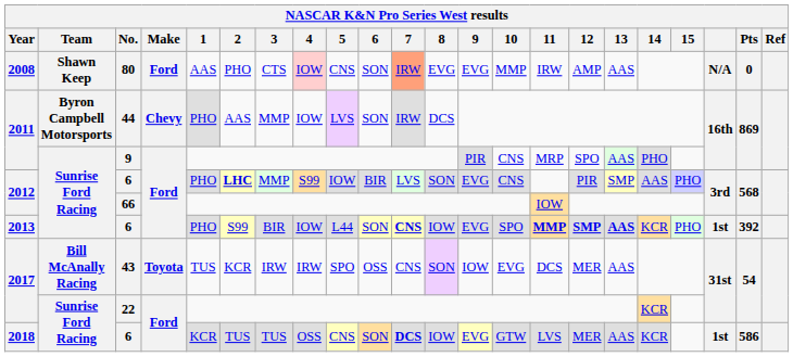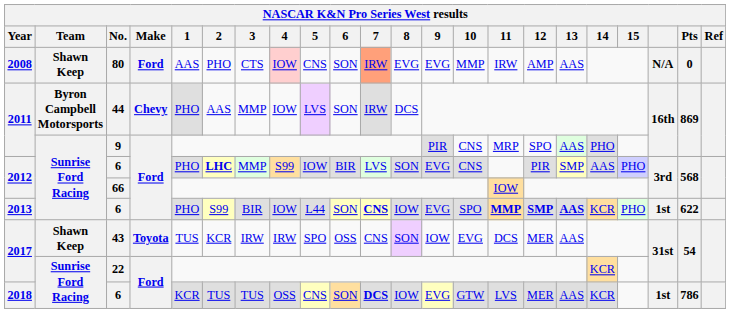 <table class="wikitable" style="text-align:center; font-size:75%">
 <tr>
 <th colspan="22"><a href='#'>NASCAR K&N Pro Series West</a> results</th>
 </tr>
 <tr>
 <th>Year</th>
 <th>Team</th>
 <th>No.</th>
 <th>Make</th>
 <th>1</th>
 <th>2</th>
 <th>3</th>
 <th>4</th>
 <th>5</th>
 <th>6</th>
 <th>7</th>
 <th>8</th>
 <th>9</th>
 <th>10</th>
 <th>11</th>
 <th>12</th>
 <th>13</th>
 <th>14</th>
 <th>15</th>
 <th></th>
 <th>Pts</th>
 <th>Ref</th>
 </tr>
 <tr>
 <th><a href='#'>2008</a></th>
 <th>Shawn Keep</th>
 <th>80</th>
 <th><a href='#'>Ford</a></th>
 <td><a href='#'>AAS</a></td>
 <td><a href='#'>PHO</a></td>
 <td><a href='#'>CTS</a></td>
 <td style="background-color:#FFCFCF"><a href='#'>IOW</a><br></td>
 <td><a href='#'>CNS</a></td>
 <td><a href='#'>SON</a></td>
 <td style="background: lightsalmon;"><a href='#'>IRW</a></td>
 <td><a href='#'>EVG</a></td>
 <td><a href='#'>EVG</a></td>
 <td><a href='#'>MMP</a></td>
 <td><a href='#'>IRW</a></td>
 <td><a href='#'>AMP</a></td>
 <td><a href='#'>AAS</a></td>
 <td colspan="2"></td>
 <th>N/A</th>
 <th>0</th>
 <th></th>
 </tr>
 <tr>
 <th rowspan=2><a href='#'>2011</a></th>
 <th>Byron Campbell Motorsports</th>
 <th>44</th>
 <th><a href='#'>Chevy</a></th>
 <td style="background-color:#DFDFDF"><a href='#'>PHO</a><br></td>
 <td><a href='#'>AAS</a></td>
 <td><a href='#'>MMP</a></td>
 <td><a href='#'>IOW</a></td>
 <td style="background-color:#EFCFFF"><a href='#'>LVS</a><br></td>
 <td><a href='#'>SON</a></td>
 <td style="background-color:#DFDFDF"><a href='#'>IRW</a><br></td>
 <td><a href='#'>DCS</a></td>
 <td colspan=7></td>
 <th rowspan=2>16th</th>
 <th rowspan=2>869</th>
 <th rowspan=2></th>
 </tr>
 <tr>
 <th rowspan=4><a href='#'>Sunrise Ford Racing</a></th>
 <th>9</th>
 <th rowspan=4><a href='#'>Ford</a></th>
 <td colspan=8></td>
 <td style="background-color:#DFDFDF"><a href='#'>PIR</a><br></td>
 <td><a href='#'>CNS</a></td>
 <td><a href='#'>MRP</a></td>
 <td><a href='#'>SPO</a></td>
 <td style="background-color:#DFFFDF"><a href='#'>AAS</a><br></td>
 <td style="background-color:#DFDFDF"><a href='#'>PHO</a><br></td>
 <td></td>
 </tr>
 <tr>
 <th rowspan=2><a href='#'>2012</a></th>
 <th>6</th>
 <td style="background-color:#DFDFDF"><a href='#'>PHO</a><br></td>
 <td style="background-color:#FFFFBF"><strong><a href='#'>LHC</a></strong><br></td>
 <td style="background-color:#DFFFDF"><a href='#'>MMP</a><br></td>
 <td style="background-color:#FFDF9F"><a href='#'>S99</a><br></td>
 <td style="background-color:#DFDFDF"><a href='#'>IOW</a><br></td>
 <td style="background-color:#DFDFDF"><a href='#'>BIR</a><br></td>
 <td style="background-color:#DFFFDF"><a href='#'>LVS</a><br></td>
 <td style="background-color:#DFDFDF"><a href='#'>SON</a><br></td>
 <td style="background-color:#DFDFDF"><a href='#'>EVG</a><br></td>
 <td style="background-color:#DFDFDF"><a href='#'>CNS</a><br></td>
 <td></td>
 <td style="background-color:#DFDFDF"><a href='#'>PIR</a><br></td>
 <td style="background-color:#FFFFBF"><a href='#'>SMP</a><br></td>
 <td style="background-color:#DFDFDF"><a href='#'>AAS</a><br></td>
 <td style="background-color:#CFCFFF"><a href='#'>PHO</a><br></td>
 <th rowspan=2>3rd</th>
 <th rowspan=2>568</th>
 <th rowspan=2></th>
 </tr>
 <tr>
 <th>66</th>
 <td colspan=10></td>
 <td style="background-color:#FFDF9F"><a href='#'>IOW</a><br></td>
 <td colspan=4></td>
 </tr>
 <tr>
 <th><a href='#'>2013</a></th>
 <th>6</th>
 <td style="background-color:#DFDFDF"><a href='#'>PHO</a><br></td>
 <td style="background-color:#FFFFBF"><a href='#'>S99</a><br></td>
 <td style="background-color:#DFDFDF"><a href='#'>BIR</a><br></td>
 <td style="background-color:#DFDFDF"><a href='#'>IOW</a><br></td>
 <td style="background-color:#DFDFDF"><a href='#'>L44</a><br></td>
 <td style="background-color:#FFFFBF"><a href='#'>SON</a><br></td>
 <td style="background-color:#FFFFBF"><strong><a href='#'>CNS</a></strong><br></td>
 <td style="background-color:#DFDFDF"><a href='#'>IOW</a><br></td>
 <td style="background-color:#DFDFDF"><a href='#'>EVG</a><br></td>
 <td style="background-color:#DFDFDF"><a href='#'>SPO</a><br></td>
 <td style="background-color:#FFDF9F"><strong><a href='#'>MMP</a></strong><br></td>
 <td style="background-color:#DFDFDF"><strong><a href='#'>SMP</a></strong><br></td>
 <td style="background-color:#DFDFDF"><strong><a href='#'>AAS</a></strong><br></td>
 <td style="background-color:#FFDF9F"><a href='#'>KCR</a><br></td>
 <td style="background-color:#DFFFDF"><a href='#'>PHO</a><br></td>
 <th>1st</th>
-<th>392</th>
+<th>622</th>
 <th></th>
 </tr>
 <tr>
 <th rowspan=2><a href='#'>2017</a></th>
-<th><a href='#'>Bill McAnally Racing</a></th>
+<th>Shawn Keep</th>
 <th>43</th>
 <th><a href='#'>Toyota</a></th>
 <td><a href='#'>TUS</a></td>
 <td><a href='#'>KCR</a></td>
 <td><a href='#'>IRW</a></td>
 <td><a href='#'>IRW</a></td>
 <td><a href='#'>SPO</a></td>
 <td><a href='#'>OSS</a></td>
 <td><a href='#'>CNS</a></td>
 <td style="background-color:#EFCFFF"><a href='#'>SON</a><br></td>
 <td><a href='#'>IOW</a></td>
 <td><a href='#'>EVG</a></td>
 <td><a href='#'>DCS</a></td>
 <td><a href='#'>MER</a></td>
 <td><a href='#'>AAS</a></td>
 <td colspan=2></td>
 <th rowspan=2>31st</th>
 <th rowspan=2>54</th>
 <th rowspan=2></th>
 </tr>
 <tr>
 <th rowspan=2><a href='#'>Sunrise Ford Racing</a></th>
 <th>22</th>
 <th rowspan=2><a href='#'>Ford</a></th>
 <td colspan=13></td>
 <td style="background-color:#FFDF9F"><a href='#'>KCR</a><br></td>
 <td></td>
 </tr>
 <tr>
 <th><a href='#'>2018</a></th>
 <th>6</th>
 <td style="background-color:#DFDFDF"><a href='#'>KCR</a><br></td>
 <td style="background-color:#DFDFDF"><a href='#'>TUS</a><br></td>
 <td style="background-color:#DFDFDF"><a href='#'>TUS</a><br></td>
 <td style="background-color:#DFDFDF"><a href='#'>OSS</a><br></td>
 <td style="background-color:#FFFFBF"><a href='#'>CNS</a><br></td>
 <td style="background-color:#FFDF9F"><a href='#'>SON</a><br></td>
 <td style="background-color:#DFDFDF"><strong><a href='#'>DCS</a></strong><br></td>
 <td style="background-color:#DFDFDF"><a href='#'>IOW</a><br></td>
 <td style="background-color:#FFFFBF"><a href='#'>EVG</a><br></td>
 <td style="background-color:#DFDFDF"><a href='#'>GTW</a><br></td>
 <td style="background-color:#DFDFDF"><a href='#'>LVS</a><br></td>
 <td style="background-color:#DFDFDF"><a href='#'>MER</a><br></td>
 <td style="background-color:#DFDFDF"><a href='#'>AAS</a><br></td>
 <td style="background-color:#DFDFDF"><a href='#'>KCR</a><br></td>
 <td></td>
 <th>1st</th>
-<th>586</th>
+<th>786</th>
 <th></th>
 </tr>
 </table>
